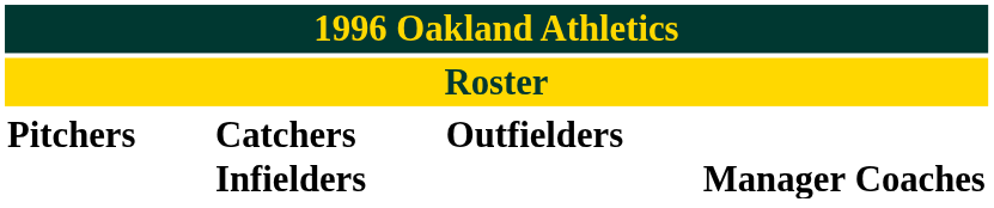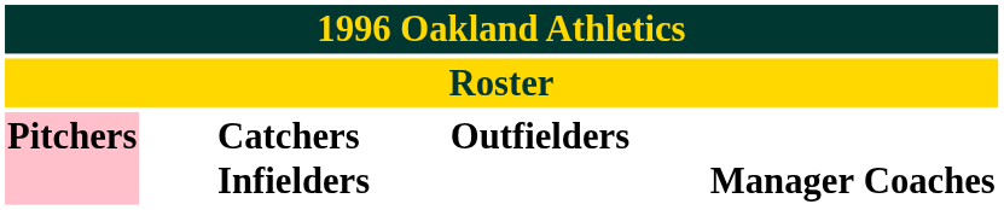 <table class="toccolours" style="font-size: 95%;">
 <tr>
 <th colspan="10" style="background-color: #003831; color: #FFD800; text-align: center;">1996 Oakland Athletics</th>
 </tr>
 <tr>
 <td colspan="10" style="background-color: #FFD800; color: #003831; text-align: center;"><strong>Roster</strong></td>
 </tr>
 <tr>
-<td valign="top"><strong>Pitchers</strong><br>                   </td>
+<td valign="top" style="background: pink;"><strong>Pitchers</strong><br>                   </td>
 <td width="25px"></td>
 <td valign="top"><strong>Catchers</strong><br>   <strong>Infielders</strong>        </td>
 <td width="25px"></td>
 <td valign="top"><strong>Outfielders</strong><br>           </td>
 <td width="25px"></td>
 <td valign="top"><br><strong>Manager</strong>  <strong>Coaches</strong>     </td>
 </tr>
 </table>
